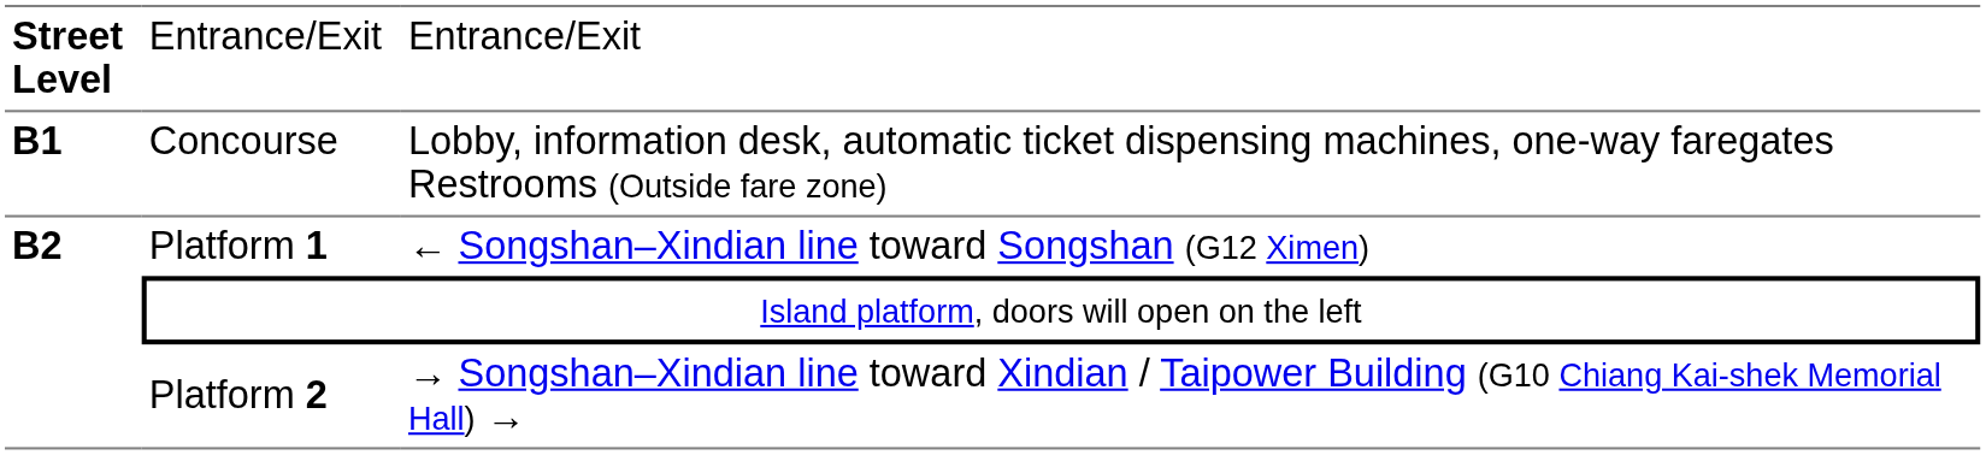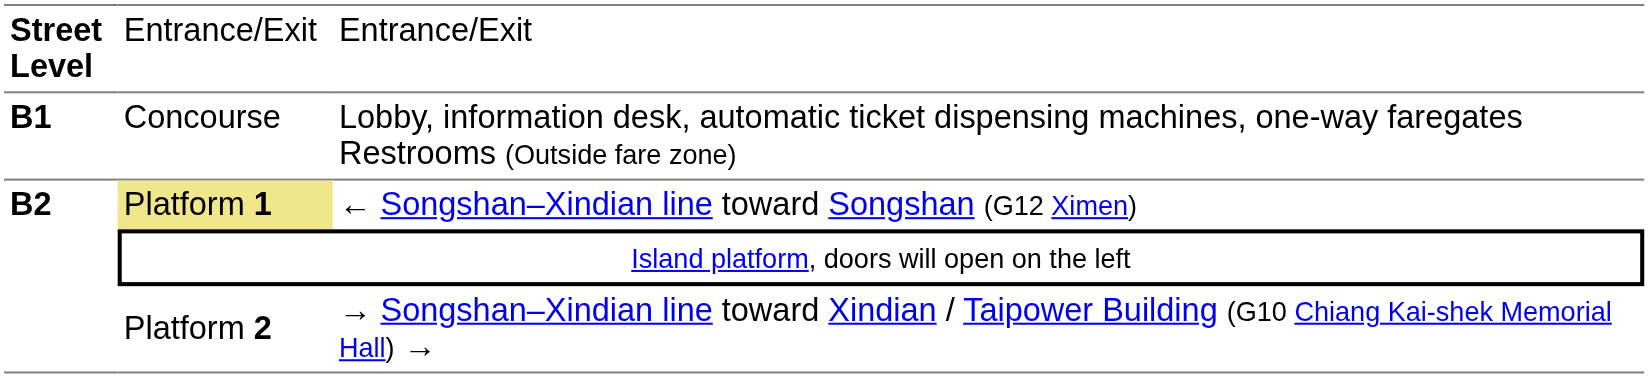 <table table border=0 cellspacing=0 cellpadding=3>
 <tr>
 <td style="border-bottom:solid 1px gray;border-top:solid 1px gray;" width=50 valign=top><strong>Street Level</strong></td>
 <td style="border-top:solid 1px gray;border-bottom:solid 1px gray;" width=100 valign=top>Entrance/Exit</td>
 <td style="border-top:solid 1px gray;border-bottom:solid 1px gray;" width=640 valign=top>Entrance/Exit</td>
 </tr>
 <tr>
 <td style="border-bottom:solid 1px gray;" rowspan=2 valign=top><strong>B1</strong></td>
 <td style="border-bottom:solid 1px gray;" rowspan=2 valign=top>Concourse</td>
 </tr>
 <tr>
 <td style="border-bottom:solid 1px gray;" width=390>Lobby, information desk, automatic ticket dispensing machines, one-way faregates<br>Restrooms <small>(Outside fare zone)</small></td>
 </tr>
 <tr>
 <td style="border-bottom:solid 1px gray;" rowspan=3 valign=top><strong>B2</strong></td>
-<td>Platform <span><strong>1</strong></span></td>
+<td style="background: khaki;">Platform <span><strong>1</strong></span></td>
 <td>←  <a href='#'>Songshan–Xindian line</a> toward <a href='#'>Songshan</a> <small>(G12 <a href='#'>Ximen</a>)</small></td>
 </tr>
 <tr>
 <td style="border-top:solid 2px black;border-right:solid 2px black;border-left:solid 2px black;border-bottom:solid 2px black;text-align:center;" colspan=2><small><a href='#'>Island platform</a>, doors will open on the left</small></td>
 </tr>
 <tr>
 <td style="border-bottom:solid 1px gray;">Platform <span><strong>2</strong></span></td>
 <td style="border-bottom:solid 1px gray;"><span>→</span>  <a href='#'>Songshan–Xindian line</a> toward <a href='#'>Xindian</a> / <a href='#'>Taipower Building</a> <small>(G10 <a href='#'>Chiang Kai-shek Memorial Hall</a>)</small> →</td>
 </tr>
 </table>
